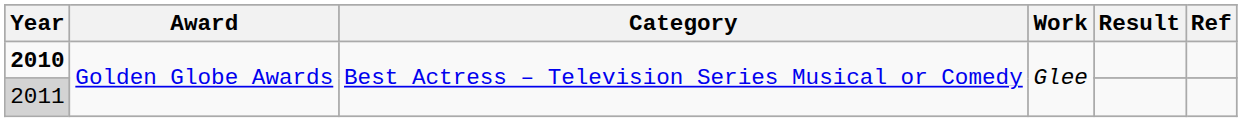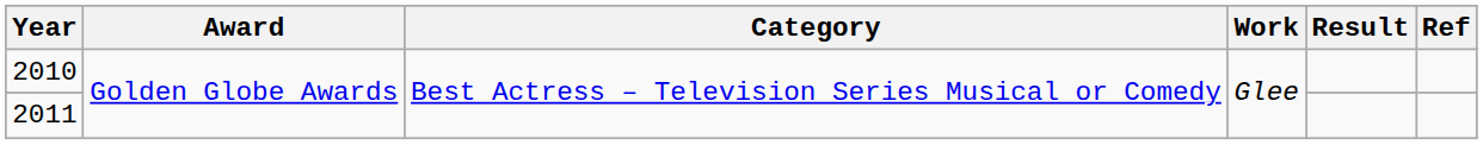 <table class=wikitable>
 <tr>
 <th>Year</th>
 <th>Award</th>
 <th>Category</th>
 <th>Work</th>
 <th>Result</th>
 <th>Ref</th>
 </tr>
 <tr>
-<td><strong>2010</strong></td>
+<td>2010</td>
 <td rowspan="2"><a href='#'>Golden Globe Awards</a></td>
 <td rowspan="2"><a href='#'>Best Actress – Television Series Musical or Comedy</a></td>
 <td rowspan="2"><em>Glee</em></td>
 <td></td>
 <td></td>
 </tr>
 <tr>
-<td style="background: lightgrey;">2011</td>
+<td>2011</td>
 <td></td>
 <td></td>
 </tr>
 </table>
